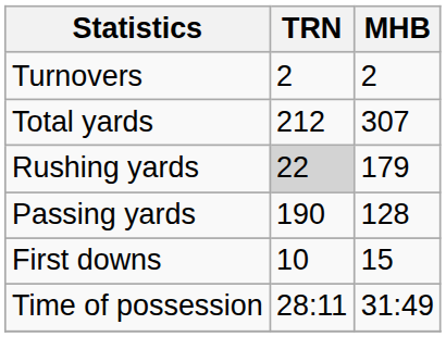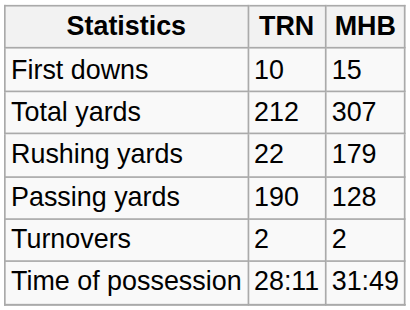 <table class="wikitable" style="float: left;">
 <tr>
 <th>Statistics</th>
 <th>TRN</th>
 <th>MHB</th>
 </tr>
 <tr>
-<td>Turnovers</td>
-<td>2</td>
-<td>2</td>
+<td>First downs</td>
+<td>10</td>
+<td>15</td>
 </tr>
 <tr>
 <td>Total yards</td>
 <td>212</td>
 <td>307</td>
 </tr>
 <tr>
 <td>Rushing yards</td>
-<td style="background: lightgrey;">22</td>
+<td>22</td>
 <td>179</td>
 </tr>
 <tr>
 <td>Passing yards</td>
 <td>190</td>
 <td>128</td>
 </tr>
 <tr>
-<td>First downs</td>
-<td>10</td>
-<td>15</td>
+<td>Turnovers</td>
+<td>2</td>
+<td>2</td>
 </tr>
 <tr>
 <td>Time of possession</td>
 <td>28:11</td>
 <td>31:49</td>
 </tr>
 <tr>
 </tr>
 </table>
